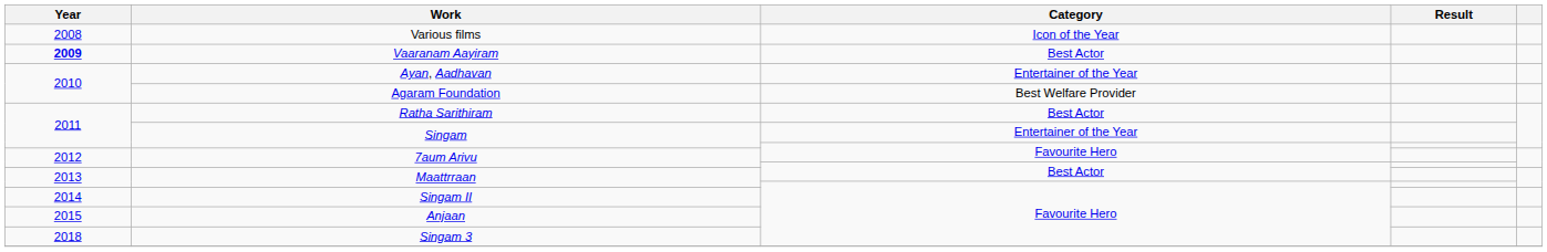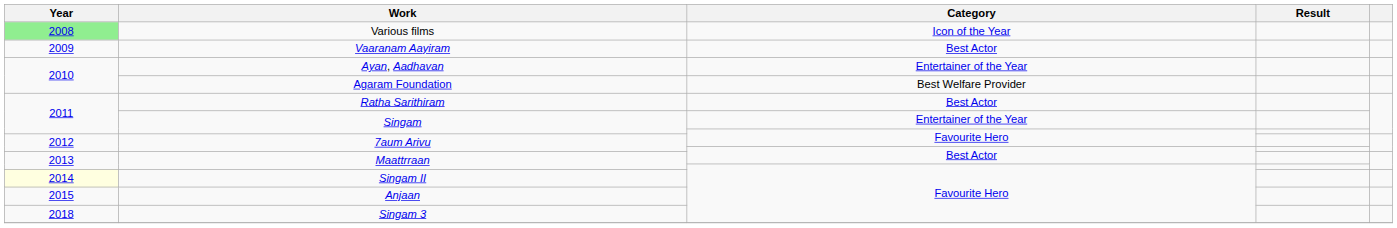 <table class="wikitable sortable" style="width:100%;">
 <tr>
 <th style="width:5%;">Year</th>
 <th style="width:25%;">Work</th>
 <th style="width:25%;">Category</th>
 <th style="width:5%;">Result</th>
 <th style="width:1%;" class="unsortable"></th>
 </tr>
 <tr>
-<td style="text-align:center;"><a href='#'>2008</a></td>
+<td style="background: lightgreen; text-align:center;"><a href='#'>2008</a></td>
 <td style="text-align:center;">Various films</td>
 <td style="text-align:center;"><a href='#'>Icon of the Year</a></td>
 <td></td>
 <td></td>
 </tr>
 <tr>
-<td style="text-align:center;"><strong><a href='#'>2009</a></strong></td>
+<td style="text-align:center;"><a href='#'>2009</a></td>
 <td style="text-align:center;"><em><a href='#'>Vaaranam Aayiram</a></em></td>
 <td style="text-align:center;"><a href='#'>Best Actor</a></td>
 <td></td>
 <td></td>
 </tr>
 <tr>
 <td style="text-align:center;" rowspan="2"><a href='#'>2010</a></td>
 <td style="text-align:center;"><em><a href='#'>Ayan</a></em>, <em><a href='#'>Aadhavan</a></em></td>
 <td style="text-align:center;"><a href='#'>Entertainer of the Year</a></td>
 <td></td>
 <td></td>
 </tr>
 <tr>
 <td style="text-align:center;"><a href='#'>Agaram Foundation</a></td>
 <td style="text-align:center;">Best Welfare Provider</td>
 <td></td>
 <td></td>
 </tr>
 <tr>
 <td style="text-align:center;" rowspan="3"><a href='#'>2011</a></td>
 <td style="text-align:center;"><em><a href='#'>Ratha Sarithiram</a></em></td>
 <td style="text-align:center;"><a href='#'>Best Actor</a></td>
 <td></td>
 <td rowspan="3"></td>
 </tr>
 <tr>
 <td style="text-align:center;" rowspan="2"><em><a href='#'>Singam</a></em></td>
 <td style="text-align:center;"><a href='#'>Entertainer of the Year</a></td>
 <td></td>
 </tr>
 <tr>
 <td style="text-align:center;" rowspan="2"><a href='#'>Favourite Hero</a></td>
 <td></td>
 </tr>
 <tr>
 <td style="text-align:center;" rowspan="2"><a href='#'>2012</a></td>
 <td style="text-align:center;" rowspan="2"><em><a href='#'>7aum Arivu</a></em></td>
 <td></td>
 <td rowspan="2"></td>
 </tr>
 <tr>
 <td style="text-align:center;" rowspan="2"><a href='#'>Best Actor</a></td>
 <td></td>
 </tr>
 <tr>
 <td style="text-align:center;" rowspan="2"><a href='#'>2013</a></td>
 <td style="text-align:center;" rowspan="2"><em><a href='#'>Maattrraan</a></em></td>
 <td></td>
 <td rowspan="2"></td>
 </tr>
 <tr>
 <td style="text-align:center;" rowspan="4"><a href='#'>Favourite Hero</a></td>
 <td></td>
 </tr>
 <tr>
-<td style="text-align:center;"><a href='#'>2014</a></td>
+<td style="background: lightyellow; text-align:center;"><a href='#'>2014</a></td>
 <td style="text-align:center;"><em><a href='#'>Singam II</a></em></td>
 <td></td>
 <td></td>
 </tr>
 <tr>
 <td style="text-align:center;"><a href='#'>2015</a></td>
 <td style="text-align:center;"><em><a href='#'>Anjaan</a></em></td>
 <td></td>
 <td></td>
 </tr>
 <tr>
 <td style="text-align:center;"><a href='#'>2018</a></td>
 <td style="text-align:center;"><em><a href='#'>Singam 3</a></em></td>
 <td></td>
 <td></td>
 </tr>
 <tr>
 </tr>
 </table>
